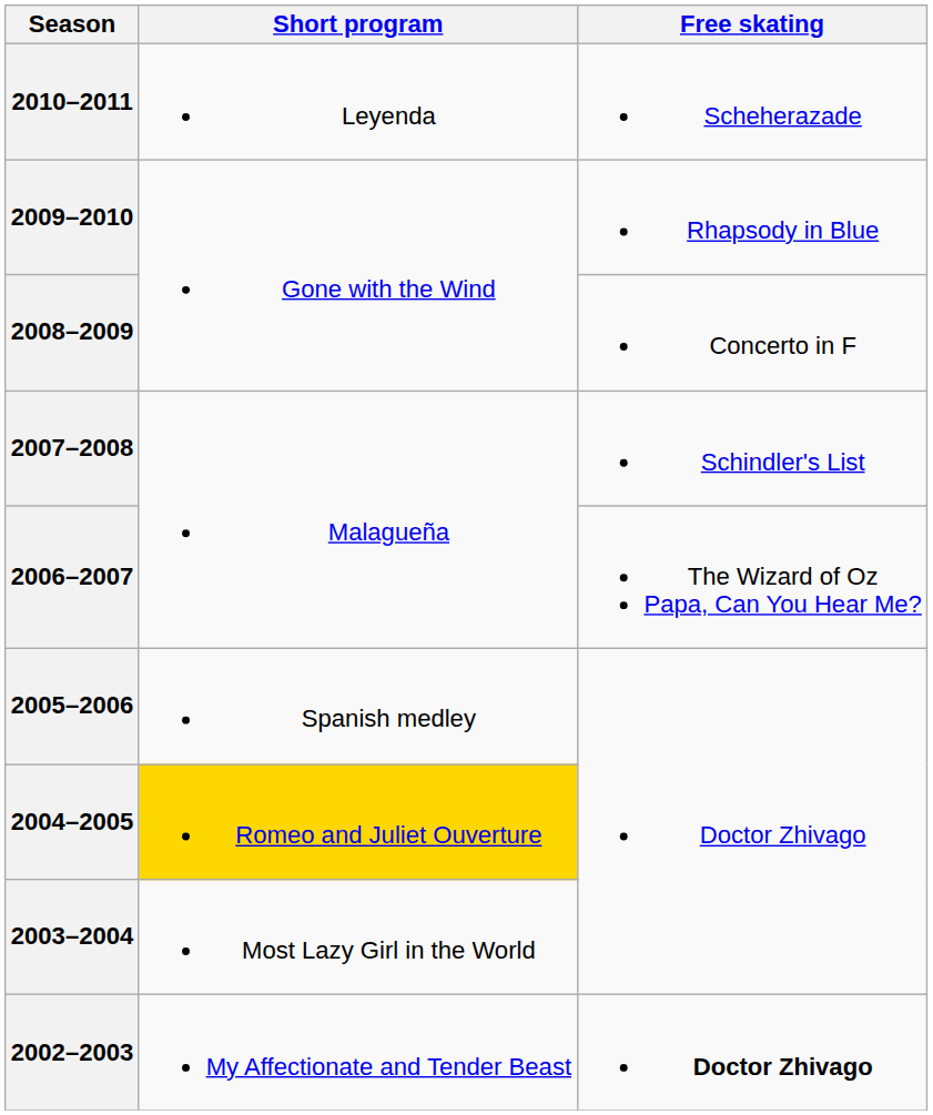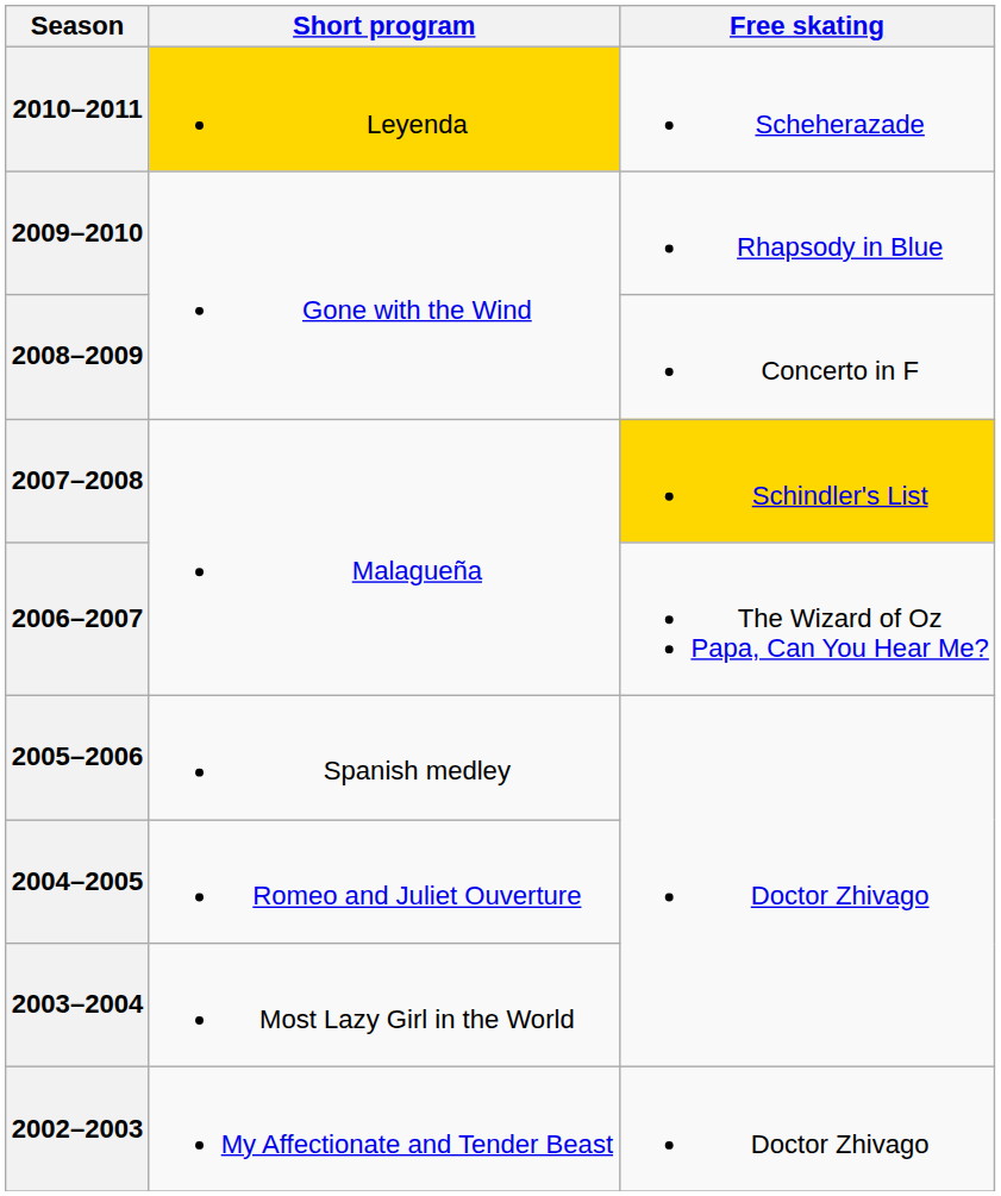 <table class="wikitable" style="text-align:center">
 <tr>
 <th>Season</th>
 <th><a href='#'>Short program</a></th>
 <th><a href='#'>Free skating</a></th>
 </tr>
 <tr>
 <th>2010–2011 <br> </th>
-<td><br><ul><li>Leyenda <br></li></ul></td>
+<td style="background: gold;"><br><ul><li>Leyenda <br></li></ul></td>
 <td><br><ul><li><a href='#'>Scheherazade</a> <br></li></ul></td>
 </tr>
 <tr>
 <th>2009–2010 <br> </th>
 <td rowspan=2><br><ul><li><a href='#'>Gone with the Wind</a> <br></li></ul></td>
 <td><br><ul><li><a href='#'>Rhapsody in Blue</a> <br></li></ul></td>
 </tr>
 <tr>
 <th>2008–2009 <br> </th>
 <td><br><ul><li>Concerto in F <br></li></ul></td>
 </tr>
 <tr>
 <th>2007–2008 <br> </th>
 <td rowspan=2><br><ul><li><a href='#'>Malagueña</a> <br></li></ul></td>
-<td><br><ul><li><a href='#'>Schindler's List</a> <br></li></ul></td>
+<td style="background: gold;"><br><ul><li><a href='#'>Schindler's List</a> <br></li></ul></td>
 </tr>
 <tr>
 <th>2006–2007 <br> </th>
 <td><br><ul><li>The Wizard of Oz</li><li><a href='#'>Papa, Can You Hear Me?</a> <br></li></ul></td>
 </tr>
 <tr>
 <th>2005–2006 <br> </th>
 <td><br><ul><li>Spanish medley</li></ul></td>
 <td rowspan=3><br><ul><li><a href='#'>Doctor Zhivago</a> <br></li></ul></td>
 </tr>
 <tr>
 <th>2004–2005 <br> </th>
-<td style="background: gold;"><br><ul><li><a href='#'>Romeo and Juliet Ouverture</a> <br></li></ul></td>
+<td><br><ul><li><a href='#'>Romeo and Juliet Ouverture</a> <br></li></ul></td>
 </tr>
 <tr>
 <th>2003–2004 <br> </th>
 <td><br><ul><li>Most Lazy Girl in the World <br></li></ul></td>
 </tr>
 <tr>
 <th>2002–2003 <br> </th>
 <td><br><ul><li><a href='#'>My Affectionate and Tender Beast</a> <br></li></ul></td>
-<td><strong><br><ul><li>Doctor Zhivago <br></li></ul></strong></td>
+<td><br><ul><li>Doctor Zhivago <br></li></ul></td>
 </tr>
 </table>
